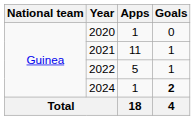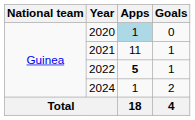 <table class="wikitable" style="text-align:center">
 <tr>
 <th>National team</th>
 <th>Year</th>
 <th>Apps</th>
 <th>Goals</th>
 </tr>
 <tr>
 <td rowspan="4"><a href='#'>Guinea</a></td>
 <td>2020</td>
-<td>1</td>
+<td style="background: lightblue;">1</td>
 <td>0</td>
 </tr>
 <tr>
 <td>2021</td>
 <td>11</td>
 <td>1</td>
 </tr>
 <tr>
 <td>2022</td>
-<td>5</td>
+<td><strong>5</strong></td>
 <td>1</td>
 </tr>
 <tr>
 <td>2024</td>
 <td>1</td>
-<td><strong>2</strong></td>
+<td>2</td>
 </tr>
 <tr>
 <th colspan="2">Total</th>
 <th>18</th>
 <th>4</th>
 </tr>
 </table>
